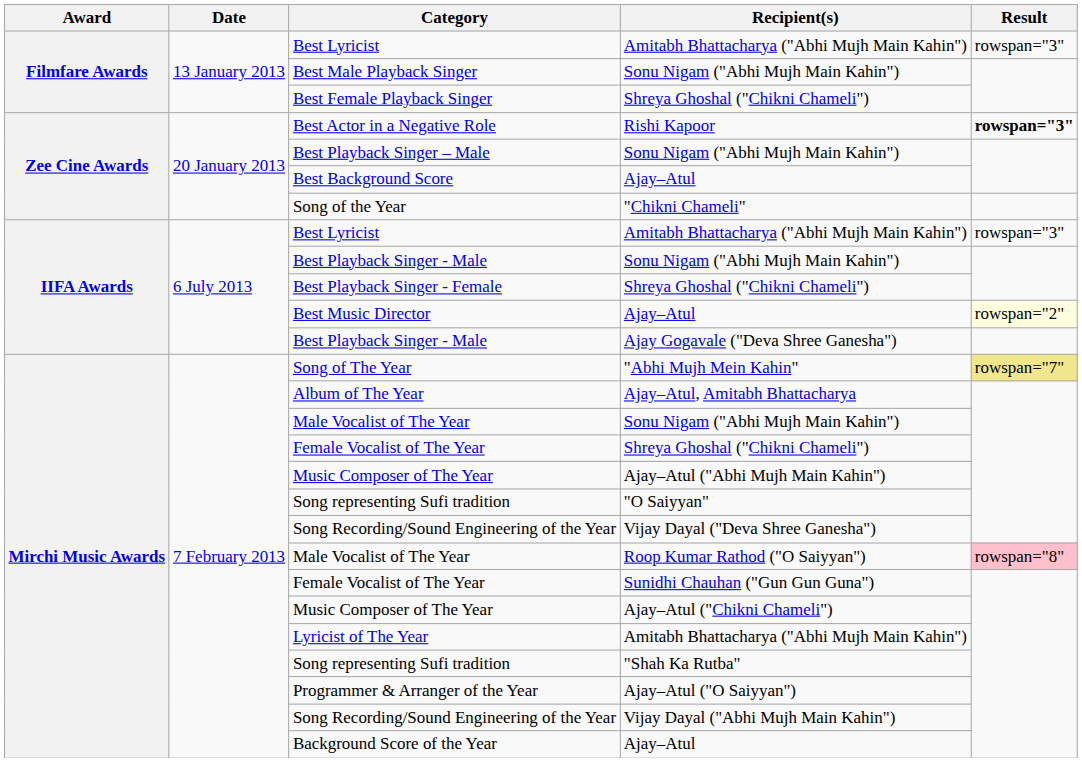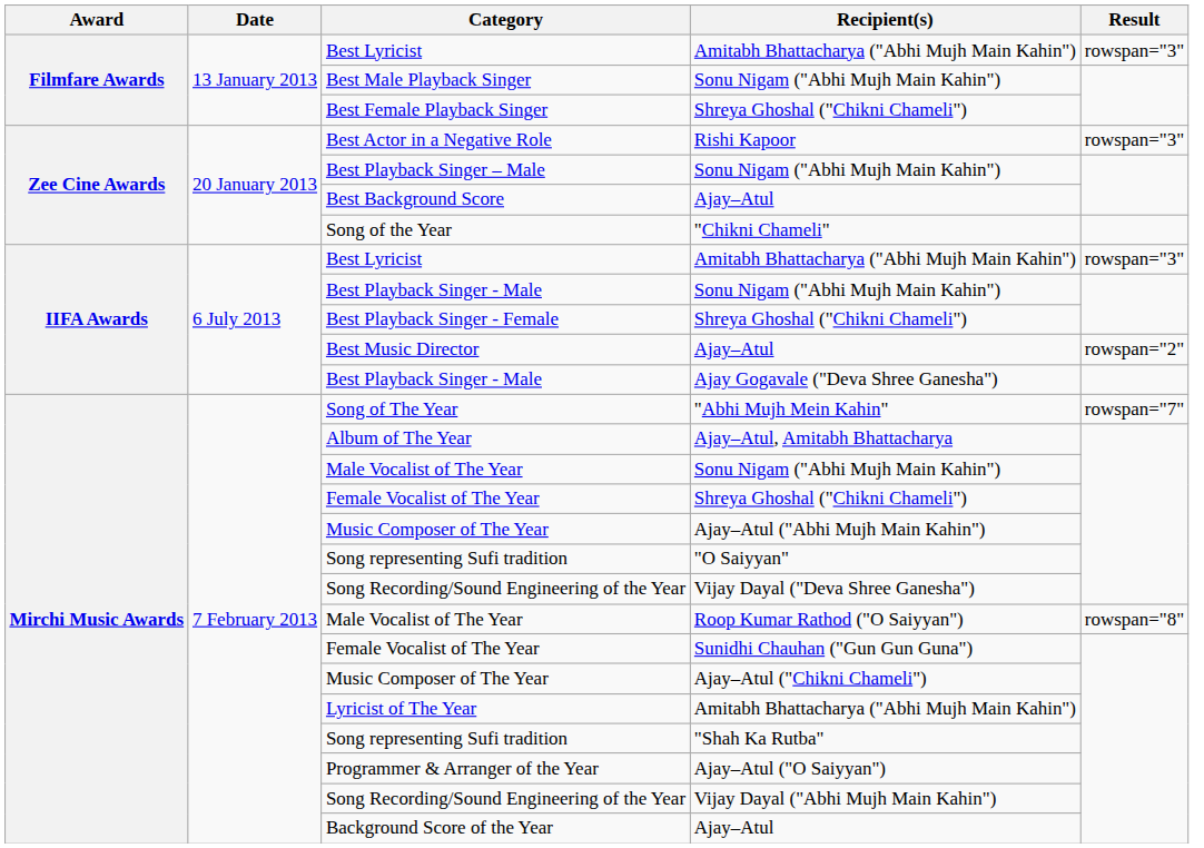 <table class="wikitable plainrowheaders sortable">
 <tr>
 <th scope="col">Award</th>
 <th scope="col">Date</th>
 <th scope="col">Category</th>
 <th scope="col">Recipient(s)</th>
 <th scope="col">Result</th>
 </tr>
 <tr>
 <th scope="row" rowspan="3"><a href='#'>Filmfare Awards</a></th>
 <td rowspan="3"><a href='#'>13 January 2013</a></td>
 <td><a href='#'>Best Lyricist</a></td>
 <td><a href='#'>Amitabh Bhattacharya</a> ("Abhi Mujh Main Kahin")</td>
 <td>rowspan="3" </td>
 </tr>
 <tr>
 <td><a href='#'>Best Male Playback Singer</a></td>
 <td><a href='#'>Sonu Nigam</a> ("Abhi Mujh Main Kahin")</td>
 </tr>
 <tr>
 <td><a href='#'>Best Female Playback Singer</a></td>
 <td><a href='#'>Shreya Ghoshal</a> ("<a href='#'>Chikni Chameli</a>")</td>
 </tr>
 <tr>
 <th scope="row" rowspan="4"><a href='#'>Zee Cine Awards</a></th>
 <td rowspan="4"><a href='#'>20 January 2013</a></td>
 <td><a href='#'>Best Actor in a Negative Role</a></td>
 <td><a href='#'>Rishi Kapoor</a></td>
-<td><strong>rowspan="3" </strong></td>
+<td>rowspan="3" </td>
 </tr>
 <tr>
 <td><a href='#'>Best Playback Singer – Male</a></td>
 <td><a href='#'>Sonu Nigam</a> ("Abhi Mujh Main Kahin")</td>
 </tr>
 <tr>
 <td><a href='#'>Best Background Score</a></td>
 <td><a href='#'>Ajay–Atul</a></td>
 </tr>
 <tr>
 <td>Song of the Year</td>
 <td>"<a href='#'>Chikni Chameli</a>"</td>
 <td></td>
 </tr>
 <tr>
 <th scope="row" rowspan="5"><a href='#'>IIFA Awards</a></th>
 <td rowspan="5"><a href='#'>6 July 2013</a></td>
 <td><a href='#'>Best Lyricist</a></td>
 <td><a href='#'>Amitabh Bhattacharya</a> ("Abhi Mujh Main Kahin")</td>
 <td>rowspan="3" </td>
 </tr>
 <tr>
 <td><a href='#'>Best Playback Singer - Male</a></td>
 <td><a href='#'>Sonu Nigam</a> ("Abhi Mujh Main Kahin")</td>
 </tr>
 <tr>
 <td><a href='#'>Best Playback Singer - Female</a></td>
 <td><a href='#'>Shreya Ghoshal</a> ("<a href='#'>Chikni Chameli</a>")</td>
 </tr>
 <tr>
 <td><a href='#'>Best Music Director</a></td>
 <td><a href='#'>Ajay–Atul</a></td>
-<td style="background: lightyellow;">rowspan="2" </td>
+<td>rowspan="2" </td>
 </tr>
 <tr>
 <td><a href='#'>Best Playback Singer - Male</a></td>
 <td><a href='#'>Ajay Gogavale</a> ("Deva Shree Ganesha")</td>
 </tr>
 <tr>
 <th scope="row" rowspan="15"><a href='#'>Mirchi Music Awards</a></th>
 <td rowspan="15"><a href='#'>7 February 2013</a></td>
 <td><a href='#'>Song of The Year</a></td>
 <td>"<a href='#'>Abhi Mujh Mein Kahin</a>"</td>
-<td style="background: khaki;">rowspan="7" </td>
+<td>rowspan="7" </td>
 </tr>
 <tr>
 <td><a href='#'>Album of The Year</a></td>
 <td><a href='#'>Ajay–Atul</a>, <a href='#'>Amitabh Bhattacharya</a></td>
 </tr>
 <tr>
 <td><a href='#'>Male Vocalist of The Year</a></td>
 <td><a href='#'>Sonu Nigam</a> ("Abhi Mujh Main Kahin")</td>
 </tr>
 <tr>
 <td><a href='#'>Female Vocalist of The Year</a></td>
 <td><a href='#'>Shreya Ghoshal</a> ("<a href='#'>Chikni Chameli</a>")</td>
 </tr>
 <tr>
 <td><a href='#'>Music Composer of The Year</a></td>
 <td>Ajay–Atul ("Abhi Mujh Main Kahin")</td>
 </tr>
 <tr>
 <td>Song representing Sufi tradition</td>
 <td>"O Saiyyan"</td>
 </tr>
 <tr>
 <td>Song Recording/Sound Engineering of the Year</td>
 <td>Vijay Dayal ("Deva Shree Ganesha")</td>
 </tr>
 <tr>
 <td>Male Vocalist of The Year</td>
 <td><a href='#'>Roop Kumar Rathod</a> ("O Saiyyan")</td>
-<td style="background: pink;">rowspan="8" </td>
+<td>rowspan="8" </td>
 </tr>
 <tr>
 <td>Female Vocalist of The Year</td>
 <td><a href='#'>Sunidhi Chauhan</a> ("Gun Gun Guna")</td>
 </tr>
 <tr>
 <td>Music Composer of The Year</td>
 <td>Ajay–Atul ("<a href='#'>Chikni Chameli</a>")</td>
 </tr>
 <tr>
 <td><a href='#'>Lyricist of The Year</a></td>
 <td>Amitabh Bhattacharya ("Abhi Mujh Main Kahin")</td>
 </tr>
 <tr>
 <td>Song representing Sufi tradition</td>
 <td>"Shah Ka Rutba"</td>
 </tr>
 <tr>
 <td>Programmer & Arranger of the Year</td>
 <td>Ajay–Atul ("O Saiyyan")</td>
 </tr>
 <tr>
 <td>Song Recording/Sound Engineering of the Year</td>
 <td>Vijay Dayal ("Abhi Mujh Main Kahin")</td>
 </tr>
 <tr>
 <td>Background Score of the Year</td>
 <td>Ajay–Atul</td>
 </tr>
 </table>
